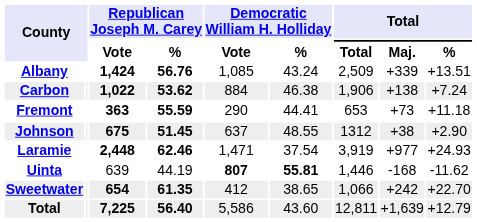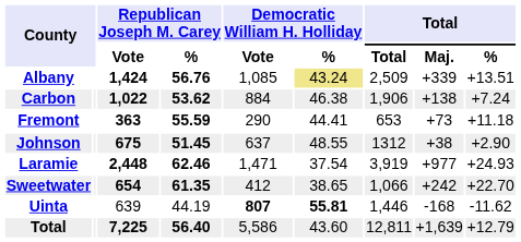 <table class="toccolours sortable" style="text-align:center;">
 <tr style="background:lavender">
 <th rowspan="3" colspan="2">County</th>
 <th colspan=2><a href='#'>Republican</a><br><a href='#'>Joseph M. Carey</a></th>
 <th colspan=2><a href='#'>Democratic</a><br><a href='#'>William H. Holliday</a></th>
 <th colspan=3>Total</th>
 </tr>
 <tr>
 <th colspan=2 style="background-color:"></th>
 <th colspan=2 style="background-color:"></th>
 <th colspan=3 style="background-color:#000000"></th>
 </tr>
 <tr>
 <th align="center">Vote</th>
 <th align="center">%</th>
 <th align="center">Vote</th>
 <th align="center">%</th>
 <th align="center">Total</th>
 <th align="center">Maj.</th>
 <th align="center">%</th>
 </tr>
 <tr>
 <th><a href='#'>Albany</a></th>
 <td style="background-color:"></td>
 <td><strong>1,424</strong></td>
 <td><strong>56.76	</strong></td>
 <td>1,085</td>
-<td>43.24</td>
+<td style="background: khaki;">43.24</td>
 <td>2,509</td>
 <td>+339</td>
 <td>+13.51</td>
 </tr>
 <tr style="background:#EEEEEE;">
 <th><a href='#'>Carbon</a></th>
 <td style="background-color:"></td>
 <td><strong>1,022</strong></td>
 <td><strong>53.62</strong></td>
 <td>884</td>
 <td>46.38</td>
 <td>1,906</td>
 <td>+138</td>
 <td>+7.24</td>
 </tr>
 <tr>
 <th><a href='#'>Fremont</a></th>
 <td style="background-color:"></td>
 <td><strong>363</strong></td>
 <td><strong>55.59</strong></td>
 <td>290</td>
 <td>44.41</td>
 <td>653</td>
 <td>+73</td>
 <td>+11.18</td>
 </tr>
 <tr>
 </tr>
 <tr style="background:#EEEEEE;">
 <th><a href='#'>Johnson</a></th>
 <td style="background-color:"></td>
 <td><strong>675</strong></td>
 <td><strong>51.45</strong></td>
 <td>637</td>
 <td>48.55</td>
 <td>1312</td>
 <td>+38</td>
 <td>+2.90</td>
 </tr>
 <tr>
 <th><a href='#'>Laramie</a></th>
 <td style="background-color:"></td>
 <td><strong>2,448</strong></td>
 <td><strong>62.46</strong></td>
 <td>1,471</td>
 <td>37.54</td>
 <td>3,919</td>
 <td>+977</td>
 <td>+24.93</td>
 </tr>
+<tr style="background:#EEEEEE;">
+<th><a href='#'>Sweetwater</a></th>
+<td style="background-color:"></td>
+<td><strong>654</strong></td>
+<td><strong>61.35</strong></td>
+<td>412</td>
+<td>38.65</td>
+<td>1,066</td>
+<td>+242</td>
+<td>+22.70</td>
+</tr>
 <tr>
 <th><a href='#'>Uinta</a></th>
 <td style="background-color:"></td>
 <td>639</td>
 <td>44.19</td>
 <td><strong>807</strong></td>
 <td><strong>55.81	</strong></td>
 <td>1,446</td>
 <td>-168</td>
 <td>-11.62</td>
-</tr>
-<tr style="background:#EEEEEE;">
-<th><a href='#'>Sweetwater</a></th>
-<td style="background-color:"></td>
-<td><strong>654</strong></td>
-<td><strong>61.35</strong></td>
-<td>412</td>
-<td>38.65</td>
-<td>1,066</td>
-<td>+242</td>
-<td>+22.70</td>
 </tr>
 <tr style="background:#EEEEEE;">
 <th>Total</th>
 <td style="background-color:"></td>
 <td><strong>7,225</strong></td>
 <td><strong>56.40</strong></td>
 <td>5,586</td>
 <td>43.60</td>
 <td>12,811</td>
 <td>+1,639</td>
 <td>+12.79</td>
 </tr>
 </table>
